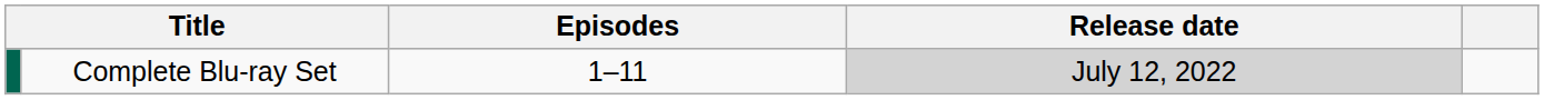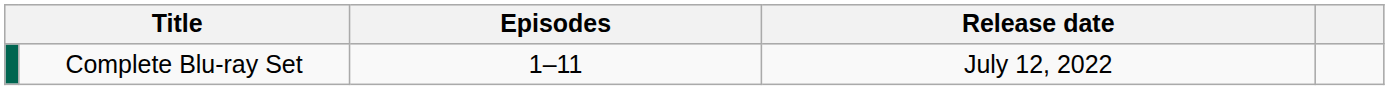 <table class="wikitable" style="text-align: center; width: 70%;">
 <tr>
 <th colspan="2" width="25%">Title</th>
 <th>Episodes</th>
 <th>Release date</th>
 <th width="5%"></th>
 </tr>
 <tr>
 <td rowspan="1" width="1%" style="background: #006550"></td>
 <td>Complete Blu-ray Set</td>
 <td>1–11</td>
-<td style="background: lightgrey;">July 12, 2022</td>
+<td>July 12, 2022</td>
 <td></td>
 </tr>
 </table>
